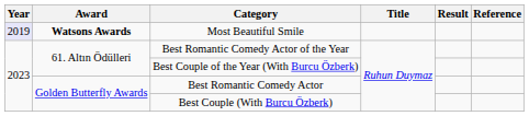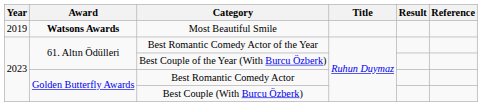 <table class="wikitable" style="text-align:center;">
 <tr>
 <th>Year</th>
 <th>Award</th>
 <th>Category</th>
 <th>Title</th>
 <th>Result</th>
 <th>Reference</th>
 </tr>
 <tr>
-<td style="background: lavender;">2019</td>
+<td>2019</td>
 <td><strong>Watsons Awards</strong></td>
 <td>Most Beautiful Smile</td>
 <td></td>
 <td></td>
 <td></td>
 </tr>
 <tr>
 <td rowspan=4>2023</td>
 <td rowspan=2>61. Altın Ödülleri</td>
 <td>Best Romantic Comedy Actor of the Year</td>
 <td rowspan=4><em><a href='#'>Ruhun Duymaz</a></em></td>
 <td></td>
 <td></td>
 </tr>
 <tr>
 <td>Best Couple of the Year (With <a href='#'>Burcu Özberk</a>)</td>
 <td></td>
 <td></td>
 </tr>
 <tr>
 <td rowspan=2><a href='#'>Golden Butterfly Awards</a></td>
 <td>Best Romantic Comedy Actor</td>
 <td></td>
 <td></td>
 </tr>
 <tr>
 <td>Best Couple (With <a href='#'>Burcu Özberk</a>)</td>
 <td></td>
 <td></td>
 </tr>
 </table>
